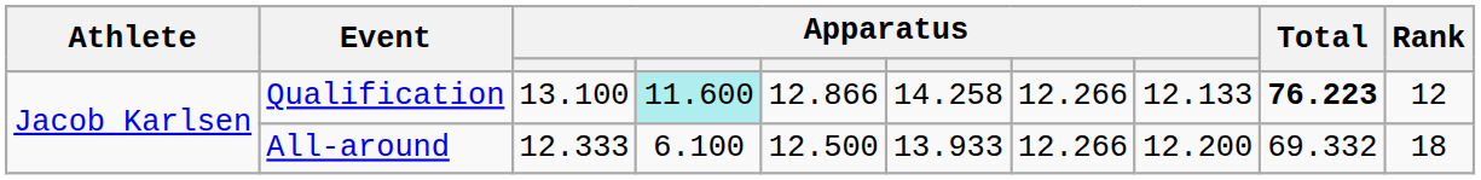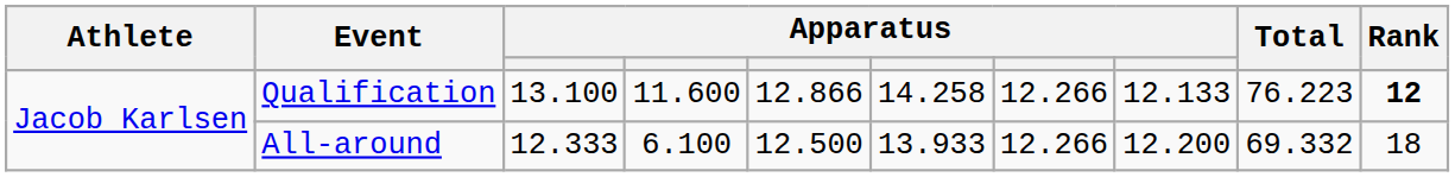 <table class="wikitable" style="text-align:center;font-size:90%">
 <tr>
 <th rowspan=2>Athlete</th>
 <th rowspan=2>Event</th>
 <th colspan=6>Apparatus</th>
 <th rowspan=2>Total</th>
 <th rowspan=2>Rank</th>
 </tr>
 <tr style="font-size:95%">
 <th></th>
 <th></th>
 <th></th>
 <th></th>
 <th></th>
 <th></th>
 </tr>
 <tr>
 <td rowspan=2 align=left><a href='#'>Jacob Karlsen</a></td>
 <td align=left><a href='#'>Qualification</a></td>
 <td>13.100</td>
-<td style="background: paleturquoise;">11.600</td>
+<td>11.600</td>
 <td>12.866</td>
 <td>14.258</td>
 <td>12.266</td>
 <td>12.133</td>
-<td><strong>76.223</strong></td>
-<td>12</td>
+<td>76.223</td>
+<td><strong>12</strong></td>
 </tr>
 <tr>
 <td align=left><a href='#'>All-around</a></td>
 <td>12.333</td>
 <td>6.100</td>
 <td>12.500</td>
 <td>13.933</td>
 <td>12.266</td>
 <td>12.200</td>
 <td>69.332</td>
 <td>18</td>
 </tr>
 </table>
